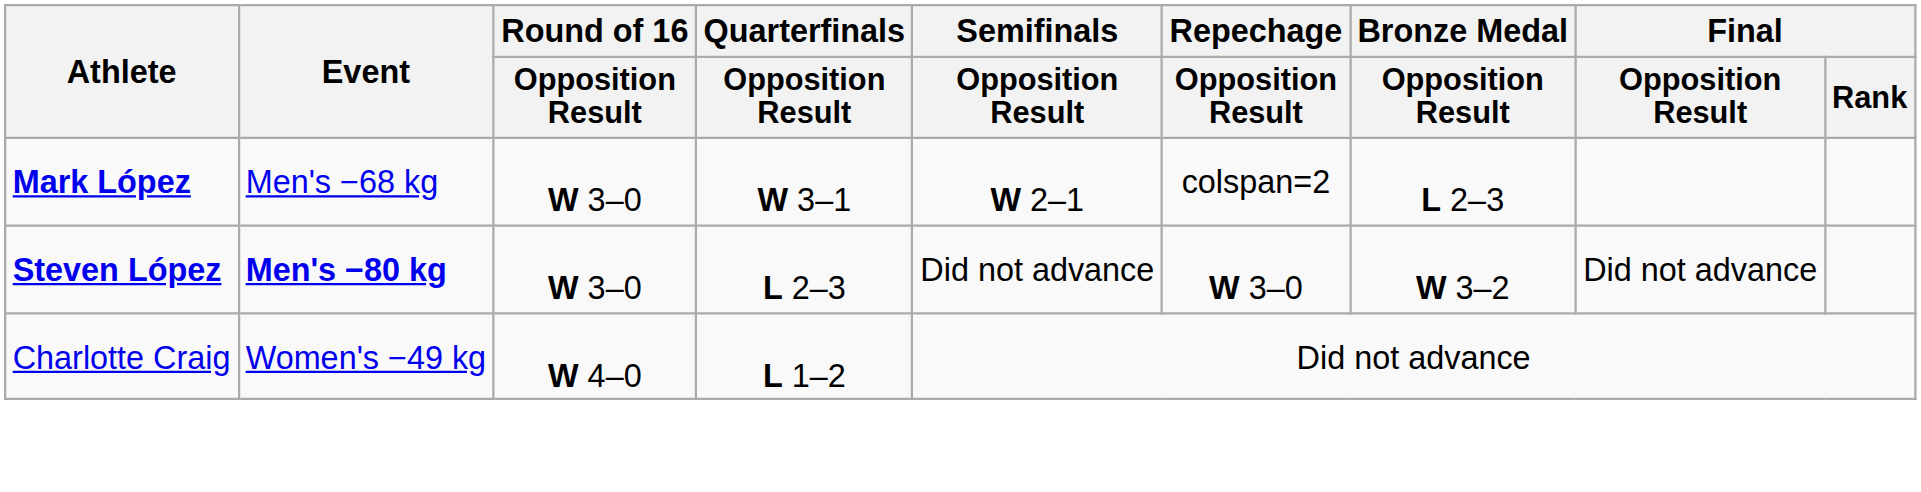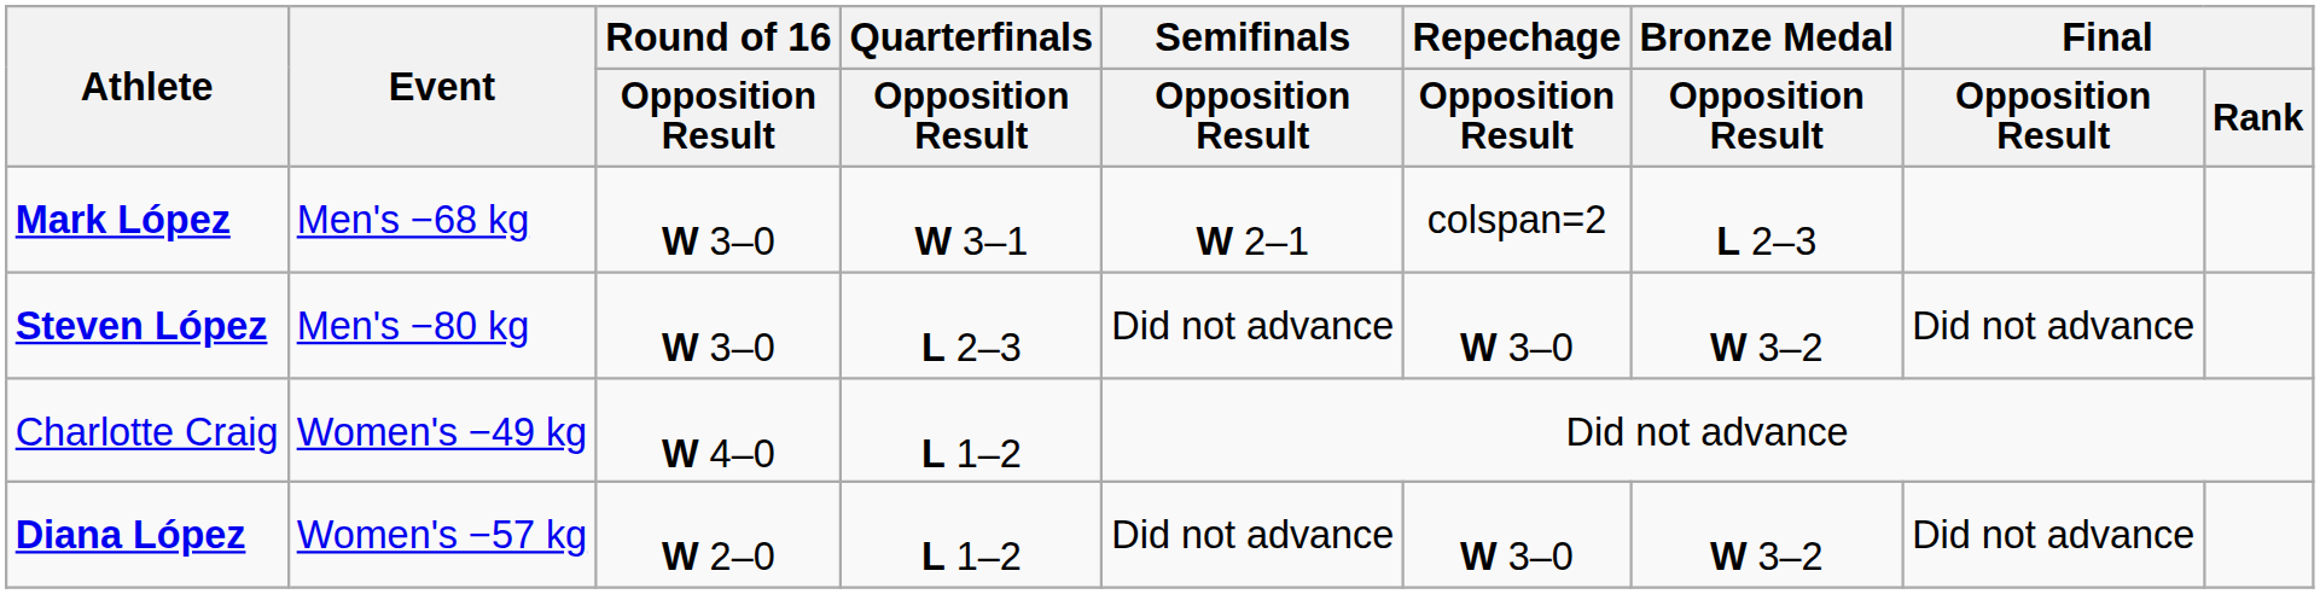 <table class=wikitable style=font-size:90%;text-align:center>
 <tr>
 <th rowspan=2>Athlete</th>
 <th rowspan=2>Event</th>
 <th>Round of 16</th>
 <th>Quarterfinals</th>
 <th>Semifinals</th>
 <th>Repechage</th>
 <th>Bronze Medal</th>
 <th colspan=2>Final</th>
 </tr>
 <tr style=font-size:95%>
 <th>Opposition<br>Result</th>
 <th>Opposition<br>Result</th>
 <th>Opposition<br>Result</th>
 <th>Opposition<br>Result</th>
 <th>Opposition<br>Result</th>
 <th>Opposition<br>Result</th>
 <th>Rank</th>
 </tr>
 <tr>
 <td align=left><strong><a href='#'>Mark López</a></strong></td>
 <td align=left><a href='#'>Men's −68 kg</a></td>
 <td><br><strong>W</strong> 3–0</td>
 <td><br><strong>W</strong> 3–1</td>
 <td><br><strong>W</strong> 2–1</td>
 <td>colspan=2 </td>
 <td><br><strong>L</strong> 2–3</td>
 <td></td>
 </tr>
 <tr>
 <td align=left><strong><a href='#'>Steven López</a></strong></td>
-<td align=left><strong><a href='#'>Men's −80 kg</a></strong></td>
+<td align=left><a href='#'>Men's −80 kg</a></td>
 <td><br><strong>W</strong> 3–0</td>
 <td><br><strong>L</strong> 2–3</td>
 <td>Did not advance</td>
 <td><br><strong>W</strong> 3–0</td>
 <td><br><strong>W</strong> 3–2</td>
 <td>Did not advance</td>
 <td></td>
 </tr>
 <tr>
 <td align=left><a href='#'>Charlotte Craig</a></td>
 <td align=left><a href='#'>Women's −49 kg</a></td>
 <td><br><strong>W</strong> 4–0</td>
 <td><br><strong>L</strong> 1–2</td>
 <td colspan=5>Did not advance</td>
 </tr>
+<tr>
+<td align=left><strong><a href='#'>Diana López</a></strong></td>
+<td align=left><a href='#'>Women's −57 kg</a></td>
+<td><br><strong>W</strong> 2–0</td>
+<td><br><strong>L</strong> 1–2</td>
+<td>Did not advance</td>
+<td><br><strong>W</strong> 3–0</td>
+<td><br><strong>W</strong> 3–2</td>
+<td>Did not advance</td>
+<td></td>
+</tr>
 </table>
